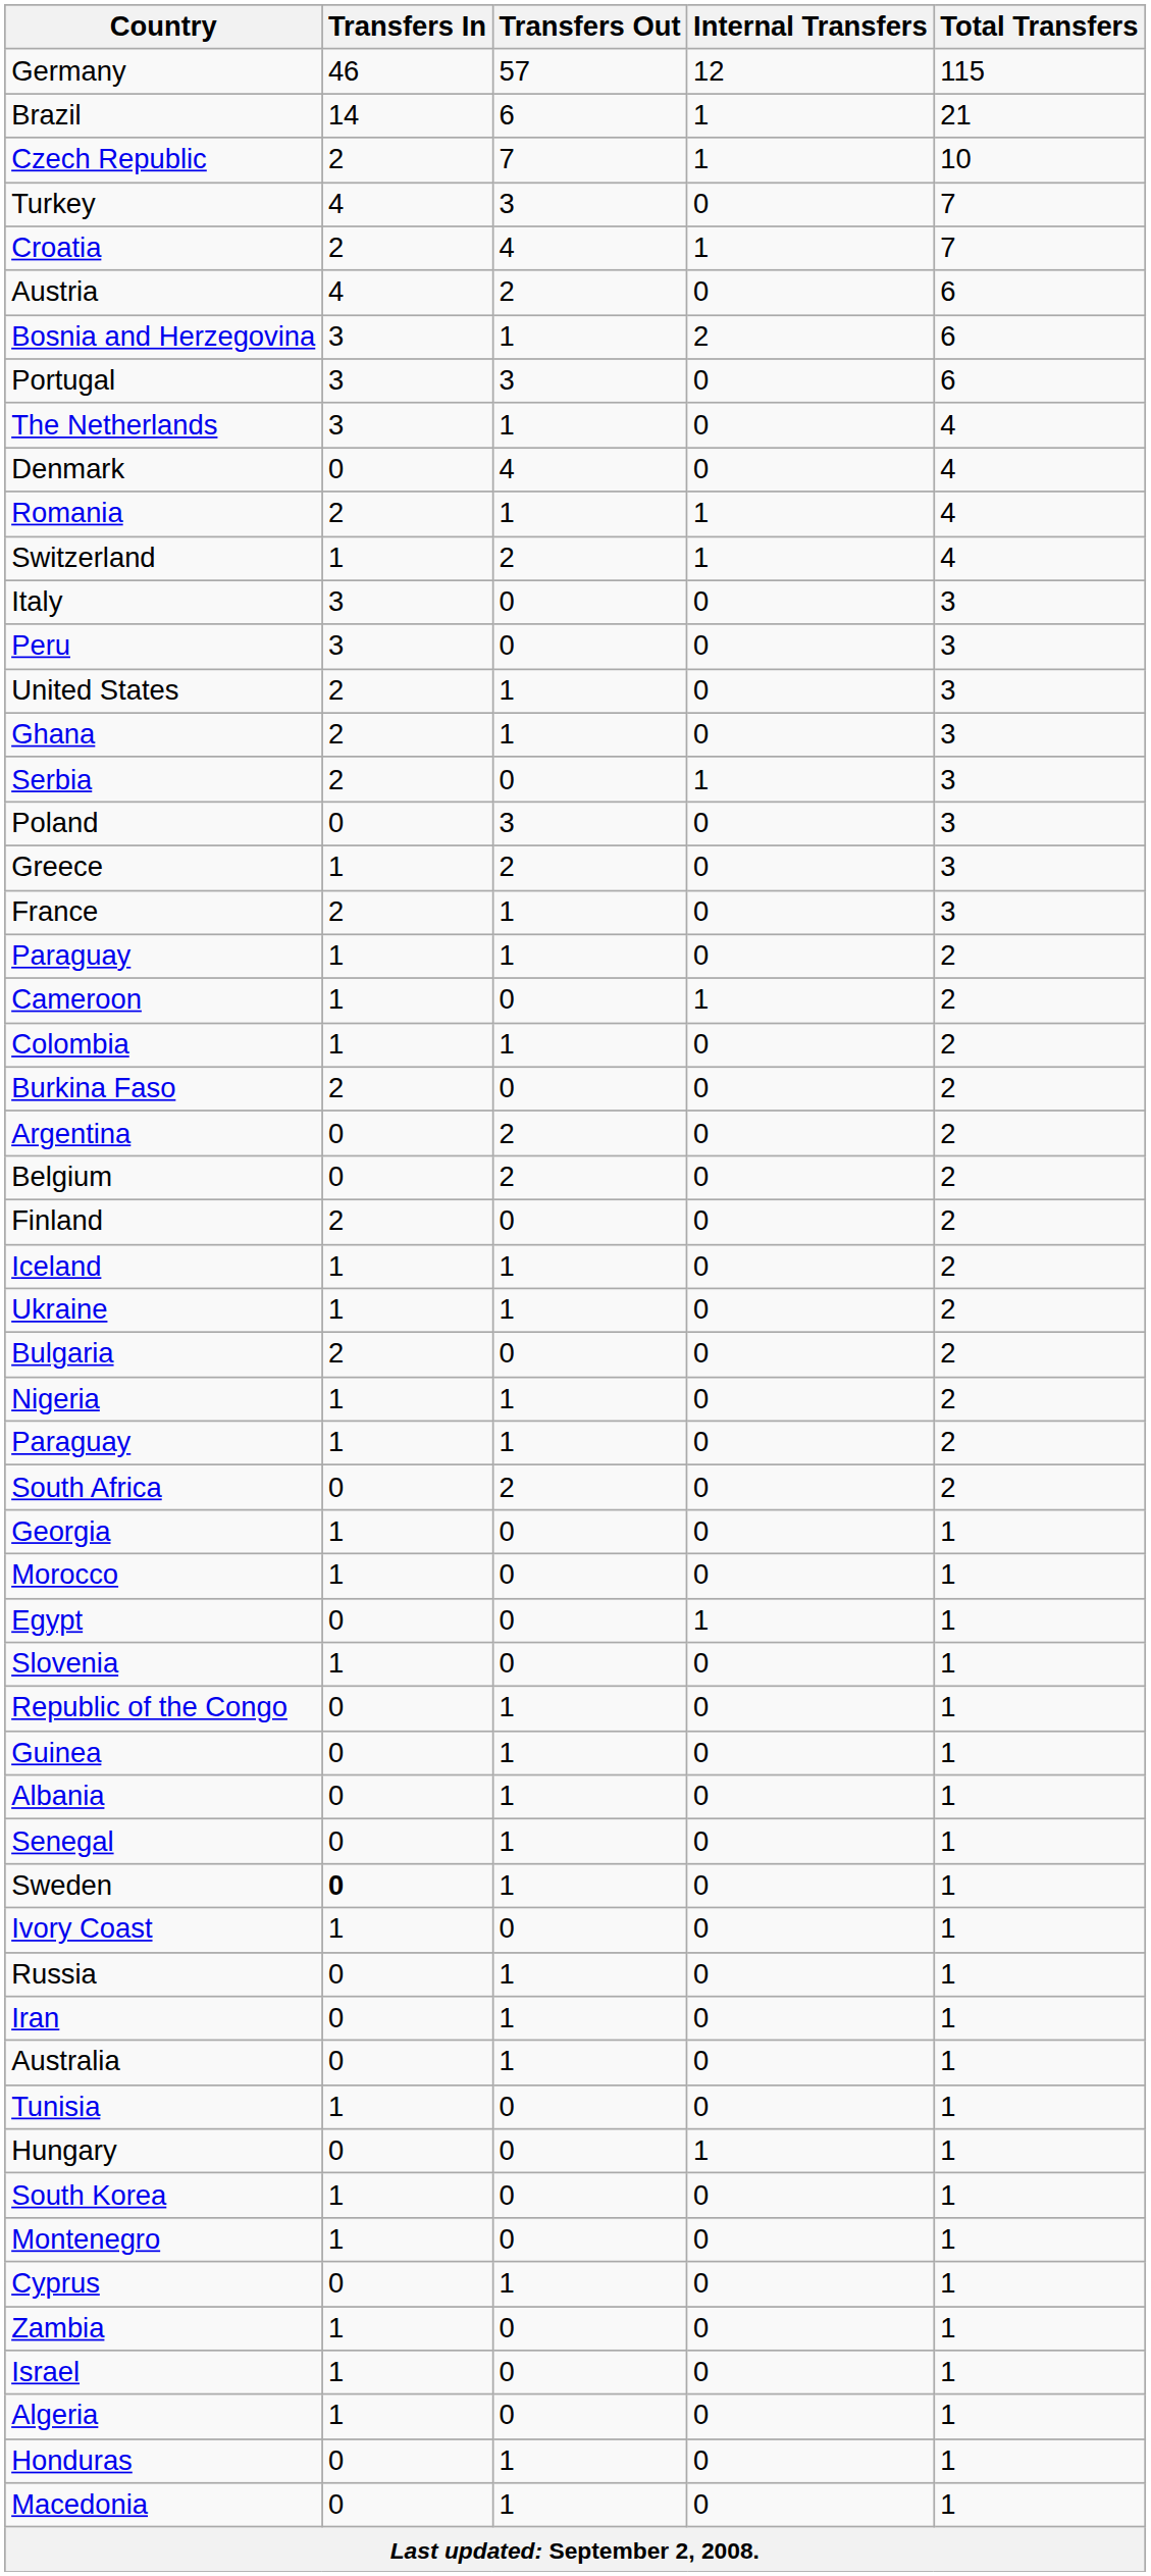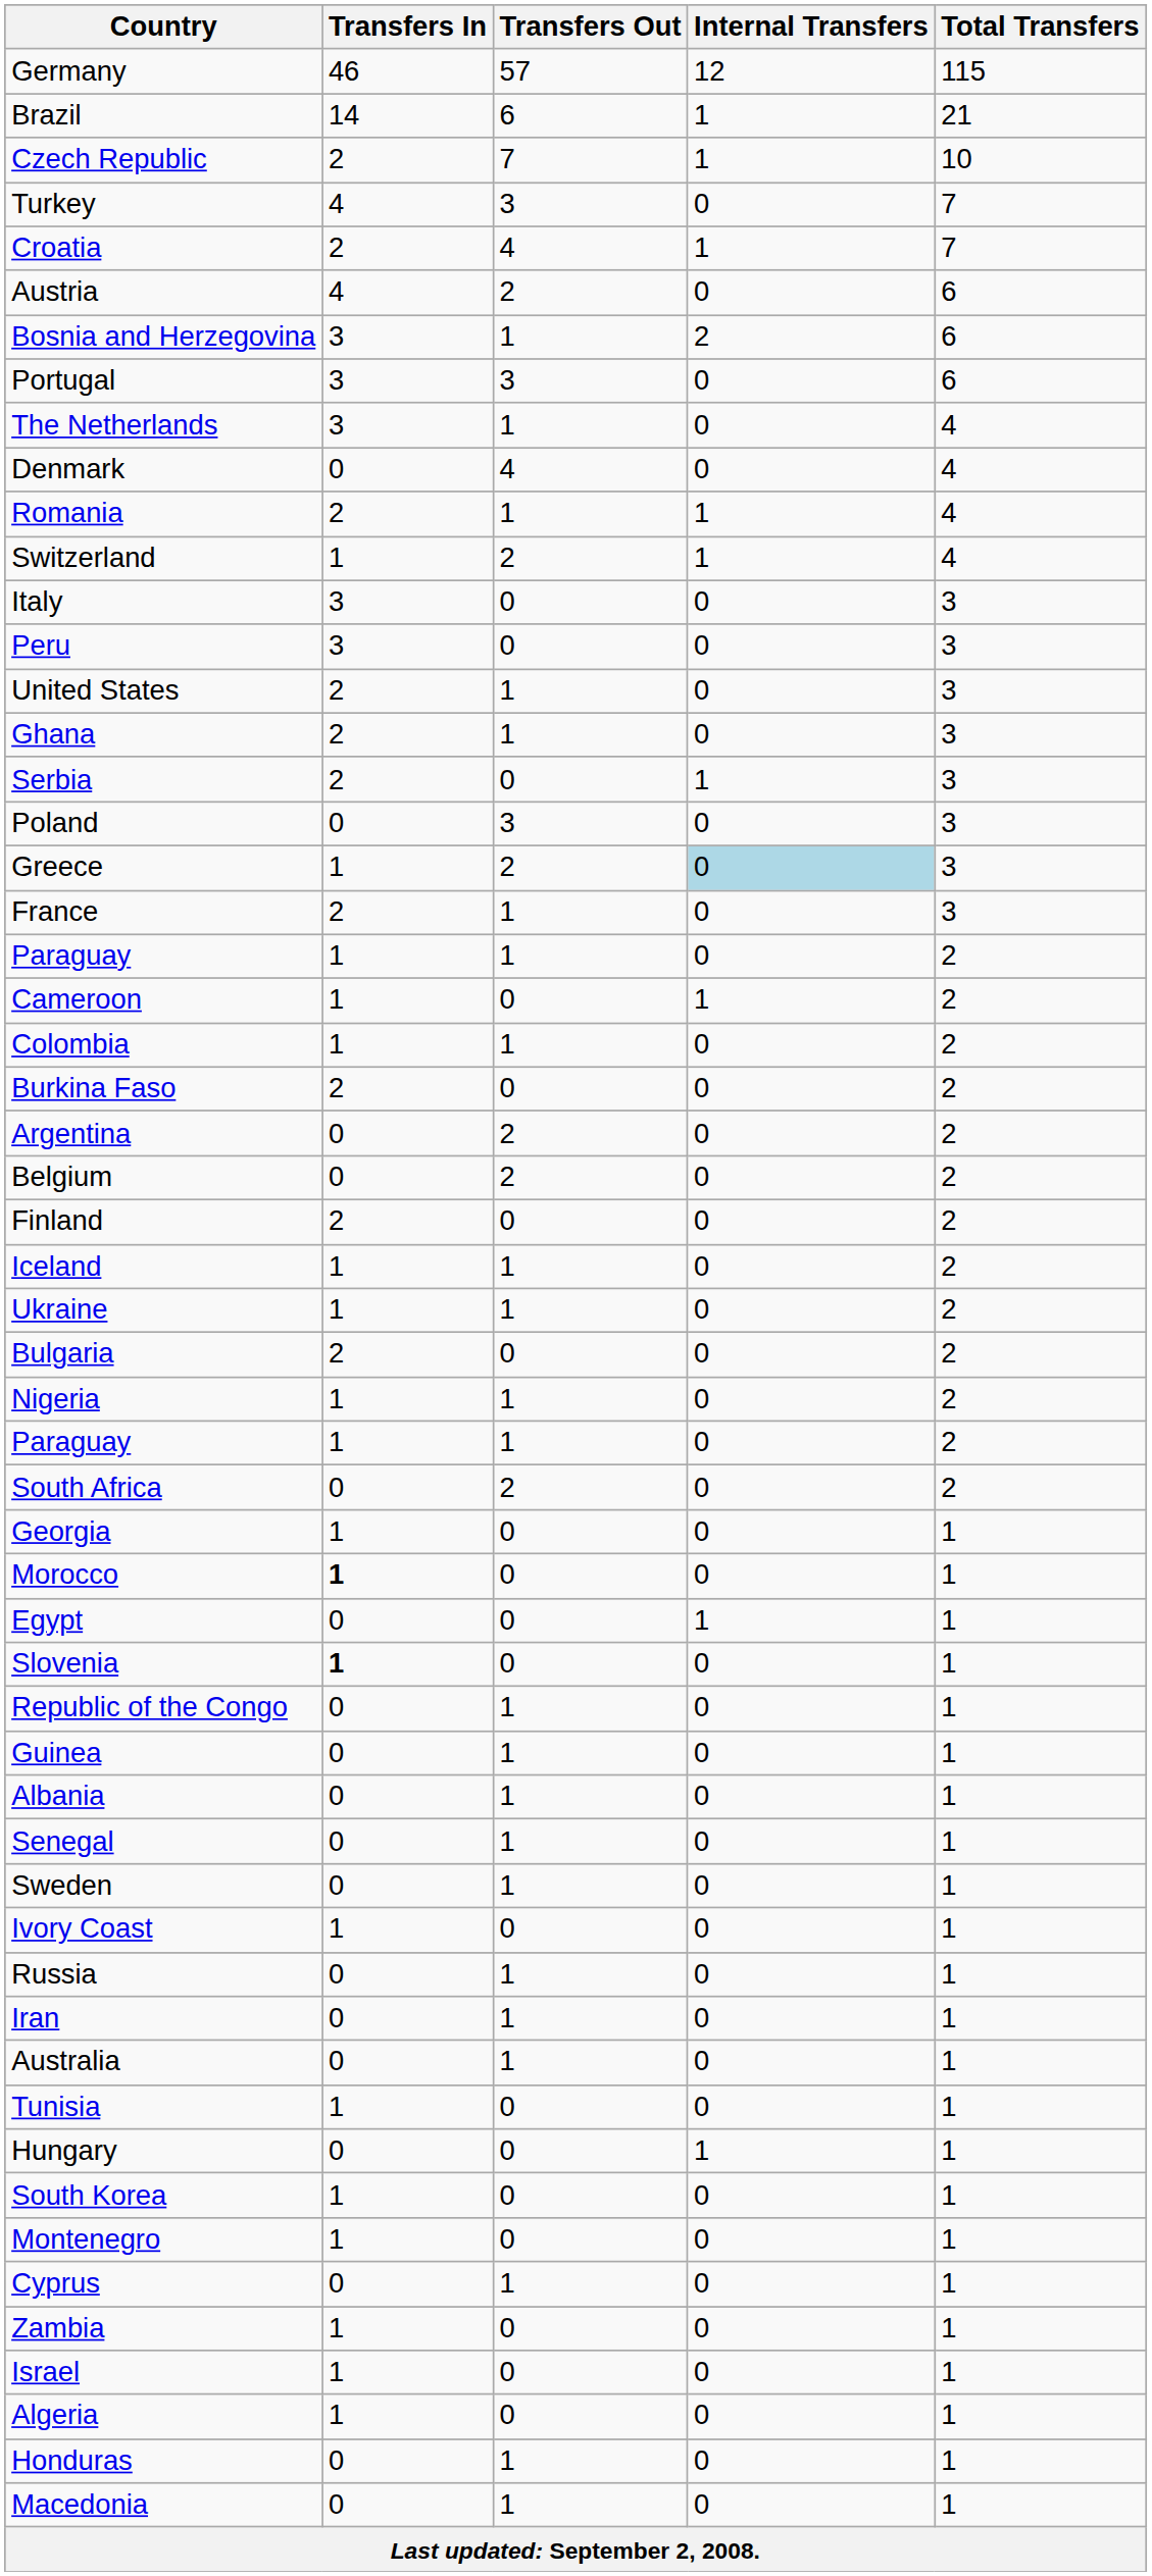 <table class="wikitable sortable">
 <tr>
 <th>Country</th>
 <th>Transfers In</th>
 <th>Transfers Out</th>
 <th>Internal Transfers</th>
 <th>Total Transfers</th>
 </tr>
 <tr>
 <td> Germany</td>
 <td>46</td>
 <td>57</td>
 <td>12</td>
 <td>115</td>
 </tr>
 <tr>
 <td> Brazil</td>
 <td>14</td>
 <td>6</td>
 <td>1</td>
 <td>21</td>
 </tr>
 <tr>
 <td> <a href='#'>Czech Republic</a></td>
 <td>2</td>
 <td>7</td>
 <td>1</td>
 <td>10</td>
 </tr>
 <tr>
 <td> Turkey</td>
 <td>4</td>
 <td>3</td>
 <td>0</td>
 <td>7</td>
 </tr>
 <tr>
 <td> <a href='#'>Croatia</a></td>
 <td>2</td>
 <td>4</td>
 <td>1</td>
 <td>7</td>
 </tr>
 <tr>
 <td> Austria</td>
 <td>4</td>
 <td>2</td>
 <td>0</td>
 <td>6</td>
 </tr>
 <tr>
 <td> <a href='#'>Bosnia and Herzegovina</a></td>
 <td>3</td>
 <td>1</td>
 <td>2</td>
 <td>6</td>
 </tr>
 <tr>
 <td> Portugal</td>
 <td>3</td>
 <td>3</td>
 <td>0</td>
 <td>6</td>
 </tr>
 <tr>
 <td> <a href='#'>The Netherlands</a></td>
 <td>3</td>
 <td>1</td>
 <td>0</td>
 <td>4</td>
 </tr>
 <tr>
 <td> Denmark</td>
 <td>0</td>
 <td>4</td>
 <td>0</td>
 <td>4</td>
 </tr>
 <tr>
 <td> <a href='#'>Romania</a></td>
 <td>2</td>
 <td>1</td>
 <td>1</td>
 <td>4</td>
 </tr>
 <tr>
 <td> Switzerland</td>
 <td>1</td>
 <td>2</td>
 <td>1</td>
 <td>4</td>
 </tr>
 <tr>
 <td> Italy</td>
 <td>3</td>
 <td>0</td>
 <td>0</td>
 <td>3</td>
 </tr>
 <tr>
 <td> <a href='#'>Peru</a></td>
 <td>3</td>
 <td>0</td>
 <td>0</td>
 <td>3</td>
 </tr>
 <tr>
 <td> United States</td>
 <td>2</td>
 <td>1</td>
 <td>0</td>
 <td>3</td>
 </tr>
 <tr>
 <td> <a href='#'>Ghana</a></td>
 <td>2</td>
 <td>1</td>
 <td>0</td>
 <td>3</td>
 </tr>
 <tr>
 <td> <a href='#'>Serbia</a></td>
 <td>2</td>
 <td>0</td>
 <td>1</td>
 <td>3</td>
 </tr>
 <tr>
 <td> Poland</td>
 <td>0</td>
 <td>3</td>
 <td>0</td>
 <td>3</td>
 </tr>
 <tr>
 <td> Greece</td>
 <td>1</td>
 <td>2</td>
-<td>0</td>
+<td style="background: lightblue;">0</td>
 <td>3</td>
 </tr>
 <tr>
 <td> France</td>
 <td>2</td>
 <td>1</td>
 <td>0</td>
 <td>3</td>
 </tr>
 <tr>
 <td> <a href='#'>Paraguay</a></td>
 <td>1</td>
 <td>1</td>
 <td>0</td>
 <td>2</td>
 </tr>
 <tr>
 <td> <a href='#'>Cameroon</a></td>
 <td>1</td>
 <td>0</td>
 <td>1</td>
 <td>2</td>
 </tr>
 <tr>
 <td> <a href='#'>Colombia</a></td>
 <td>1</td>
 <td>1</td>
 <td>0</td>
 <td>2</td>
 </tr>
 <tr>
 <td> <a href='#'>Burkina Faso</a></td>
 <td>2</td>
 <td>0</td>
 <td>0</td>
 <td>2</td>
 </tr>
 <tr>
 <td> <a href='#'>Argentina</a></td>
 <td>0</td>
 <td>2</td>
 <td>0</td>
 <td>2</td>
 </tr>
 <tr>
 <td> Belgium</td>
 <td>0</td>
 <td>2</td>
 <td>0</td>
 <td>2</td>
 </tr>
 <tr>
 <td> Finland</td>
 <td>2</td>
 <td>0</td>
 <td>0</td>
 <td>2</td>
 </tr>
 <tr>
 <td> <a href='#'>Iceland</a></td>
 <td>1</td>
 <td>1</td>
 <td>0</td>
 <td>2</td>
 </tr>
 <tr>
 <td> <a href='#'>Ukraine</a></td>
 <td>1</td>
 <td>1</td>
 <td>0</td>
 <td>2</td>
 </tr>
 <tr>
 <td> <a href='#'>Bulgaria</a></td>
 <td>2</td>
 <td>0</td>
 <td>0</td>
 <td>2</td>
 </tr>
 <tr>
 <td> <a href='#'>Nigeria</a></td>
 <td>1</td>
 <td>1</td>
 <td>0</td>
 <td>2</td>
 </tr>
 <tr>
 <td> <a href='#'>Paraguay</a></td>
 <td>1</td>
 <td>1</td>
 <td>0</td>
 <td>2</td>
 </tr>
 <tr>
 <td> <a href='#'>South Africa</a></td>
 <td>0</td>
 <td>2</td>
 <td>0</td>
 <td>2</td>
 </tr>
 <tr>
 <td> <a href='#'>Georgia</a></td>
 <td>1</td>
 <td>0</td>
 <td>0</td>
 <td>1</td>
 </tr>
 <tr>
 <td> <a href='#'>Morocco</a></td>
-<td>1</td>
+<td><strong>1</strong></td>
 <td>0</td>
 <td>0</td>
 <td>1</td>
 </tr>
 <tr>
 <td> <a href='#'>Egypt</a></td>
 <td>0</td>
 <td>0</td>
 <td>1</td>
 <td>1</td>
 </tr>
 <tr>
 <td> <a href='#'>Slovenia</a></td>
-<td>1</td>
+<td><strong>1</strong></td>
 <td>0</td>
 <td>0</td>
 <td>1</td>
 </tr>
 <tr>
 <td> <a href='#'>Republic of the Congo</a></td>
 <td>0</td>
 <td>1</td>
 <td>0</td>
 <td>1</td>
 </tr>
 <tr>
 <td> <a href='#'>Guinea</a></td>
 <td>0</td>
 <td>1</td>
 <td>0</td>
 <td>1</td>
 </tr>
 <tr>
 <td> <a href='#'>Albania</a></td>
 <td>0</td>
 <td>1</td>
 <td>0</td>
 <td>1</td>
 </tr>
 <tr>
 <td> <a href='#'>Senegal</a></td>
 <td>0</td>
 <td>1</td>
 <td>0</td>
 <td>1</td>
 </tr>
 <tr>
 <td> Sweden</td>
-<td><strong>0</strong></td>
+<td>0</td>
 <td>1</td>
 <td>0</td>
 <td>1</td>
 </tr>
 <tr>
 <td> <a href='#'>Ivory Coast</a></td>
 <td>1</td>
 <td>0</td>
 <td>0</td>
 <td>1</td>
 </tr>
 <tr>
 <td> Russia</td>
 <td>0</td>
 <td>1</td>
 <td>0</td>
 <td>1</td>
 </tr>
 <tr>
 <td> <a href='#'>Iran</a></td>
 <td>0</td>
 <td>1</td>
 <td>0</td>
 <td>1</td>
 </tr>
 <tr>
 <td> Australia</td>
 <td>0</td>
 <td>1</td>
 <td>0</td>
 <td>1</td>
 </tr>
 <tr>
 <td> <a href='#'>Tunisia</a></td>
 <td>1</td>
 <td>0</td>
 <td>0</td>
 <td>1</td>
 </tr>
 <tr>
 <td> Hungary</td>
 <td>0</td>
 <td>0</td>
 <td>1</td>
 <td>1</td>
 </tr>
 <tr>
 <td> <a href='#'>South Korea</a></td>
 <td>1</td>
 <td>0</td>
 <td>0</td>
 <td>1</td>
 </tr>
 <tr>
 <td> <a href='#'>Montenegro</a></td>
 <td>1</td>
 <td>0</td>
 <td>0</td>
 <td>1</td>
 </tr>
 <tr>
 <td> <a href='#'>Cyprus</a></td>
 <td>0</td>
 <td>1</td>
 <td>0</td>
 <td>1</td>
 </tr>
 <tr>
 <td> <a href='#'>Zambia</a></td>
 <td>1</td>
 <td>0</td>
 <td>0</td>
 <td>1</td>
 </tr>
 <tr>
 <td> <a href='#'>Israel</a></td>
 <td>1</td>
 <td>0</td>
 <td>0</td>
 <td>1</td>
 </tr>
 <tr>
 <td> <a href='#'>Algeria</a></td>
 <td>1</td>
 <td>0</td>
 <td>0</td>
 <td>1</td>
 </tr>
 <tr>
 <td> <a href='#'>Honduras</a></td>
 <td>0</td>
 <td>1</td>
 <td>0</td>
 <td>1</td>
 </tr>
 <tr>
 <td> <a href='#'>Macedonia</a></td>
 <td>0</td>
 <td>1</td>
 <td>0</td>
 <td>1</td>
 </tr>
 <tr>
 <th colspan="7" align="centre"><small><em>Last updated:</em> September 2, 2008.</small></th>
 </tr>
 </table>
